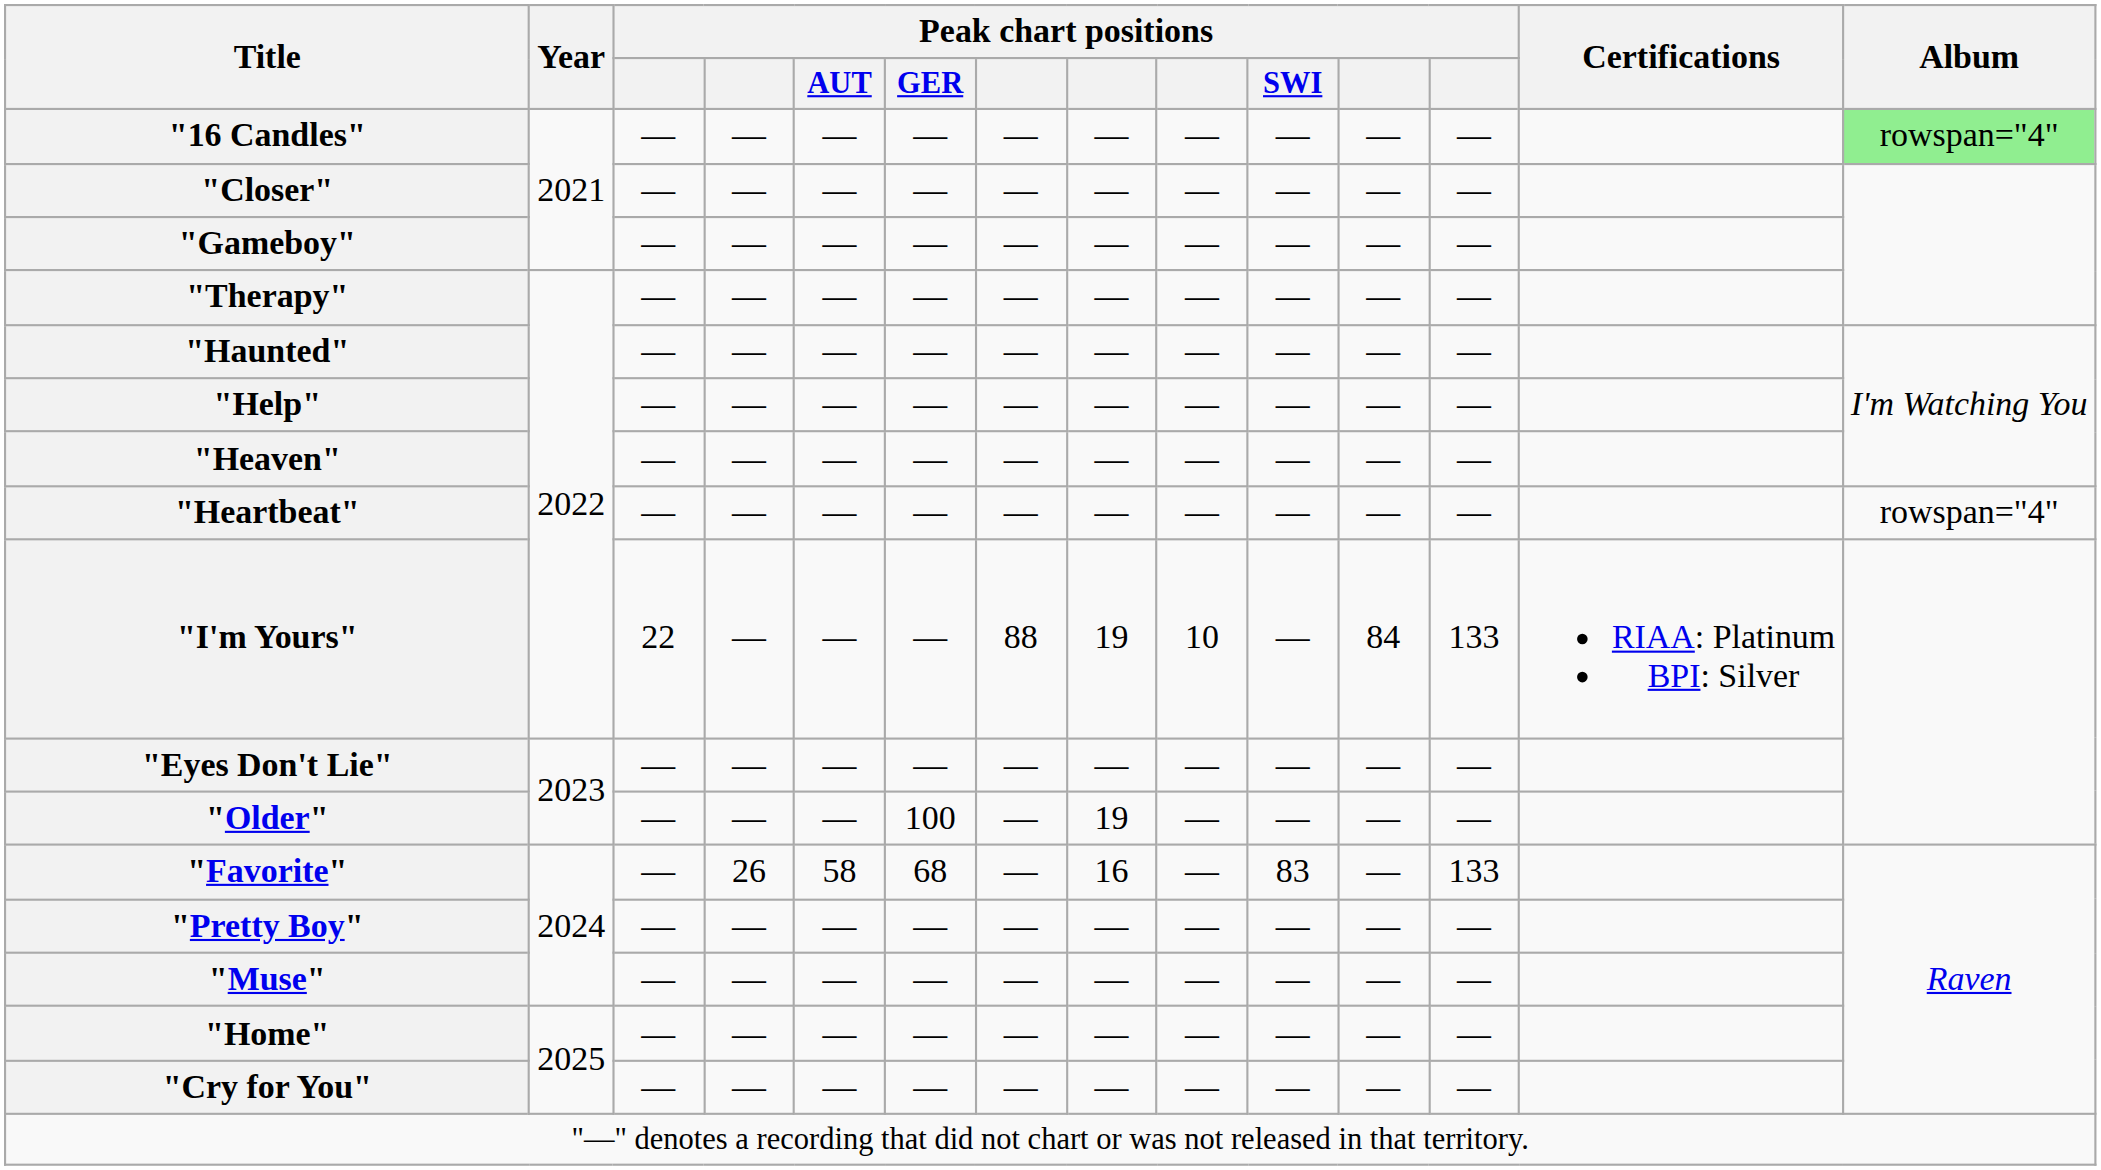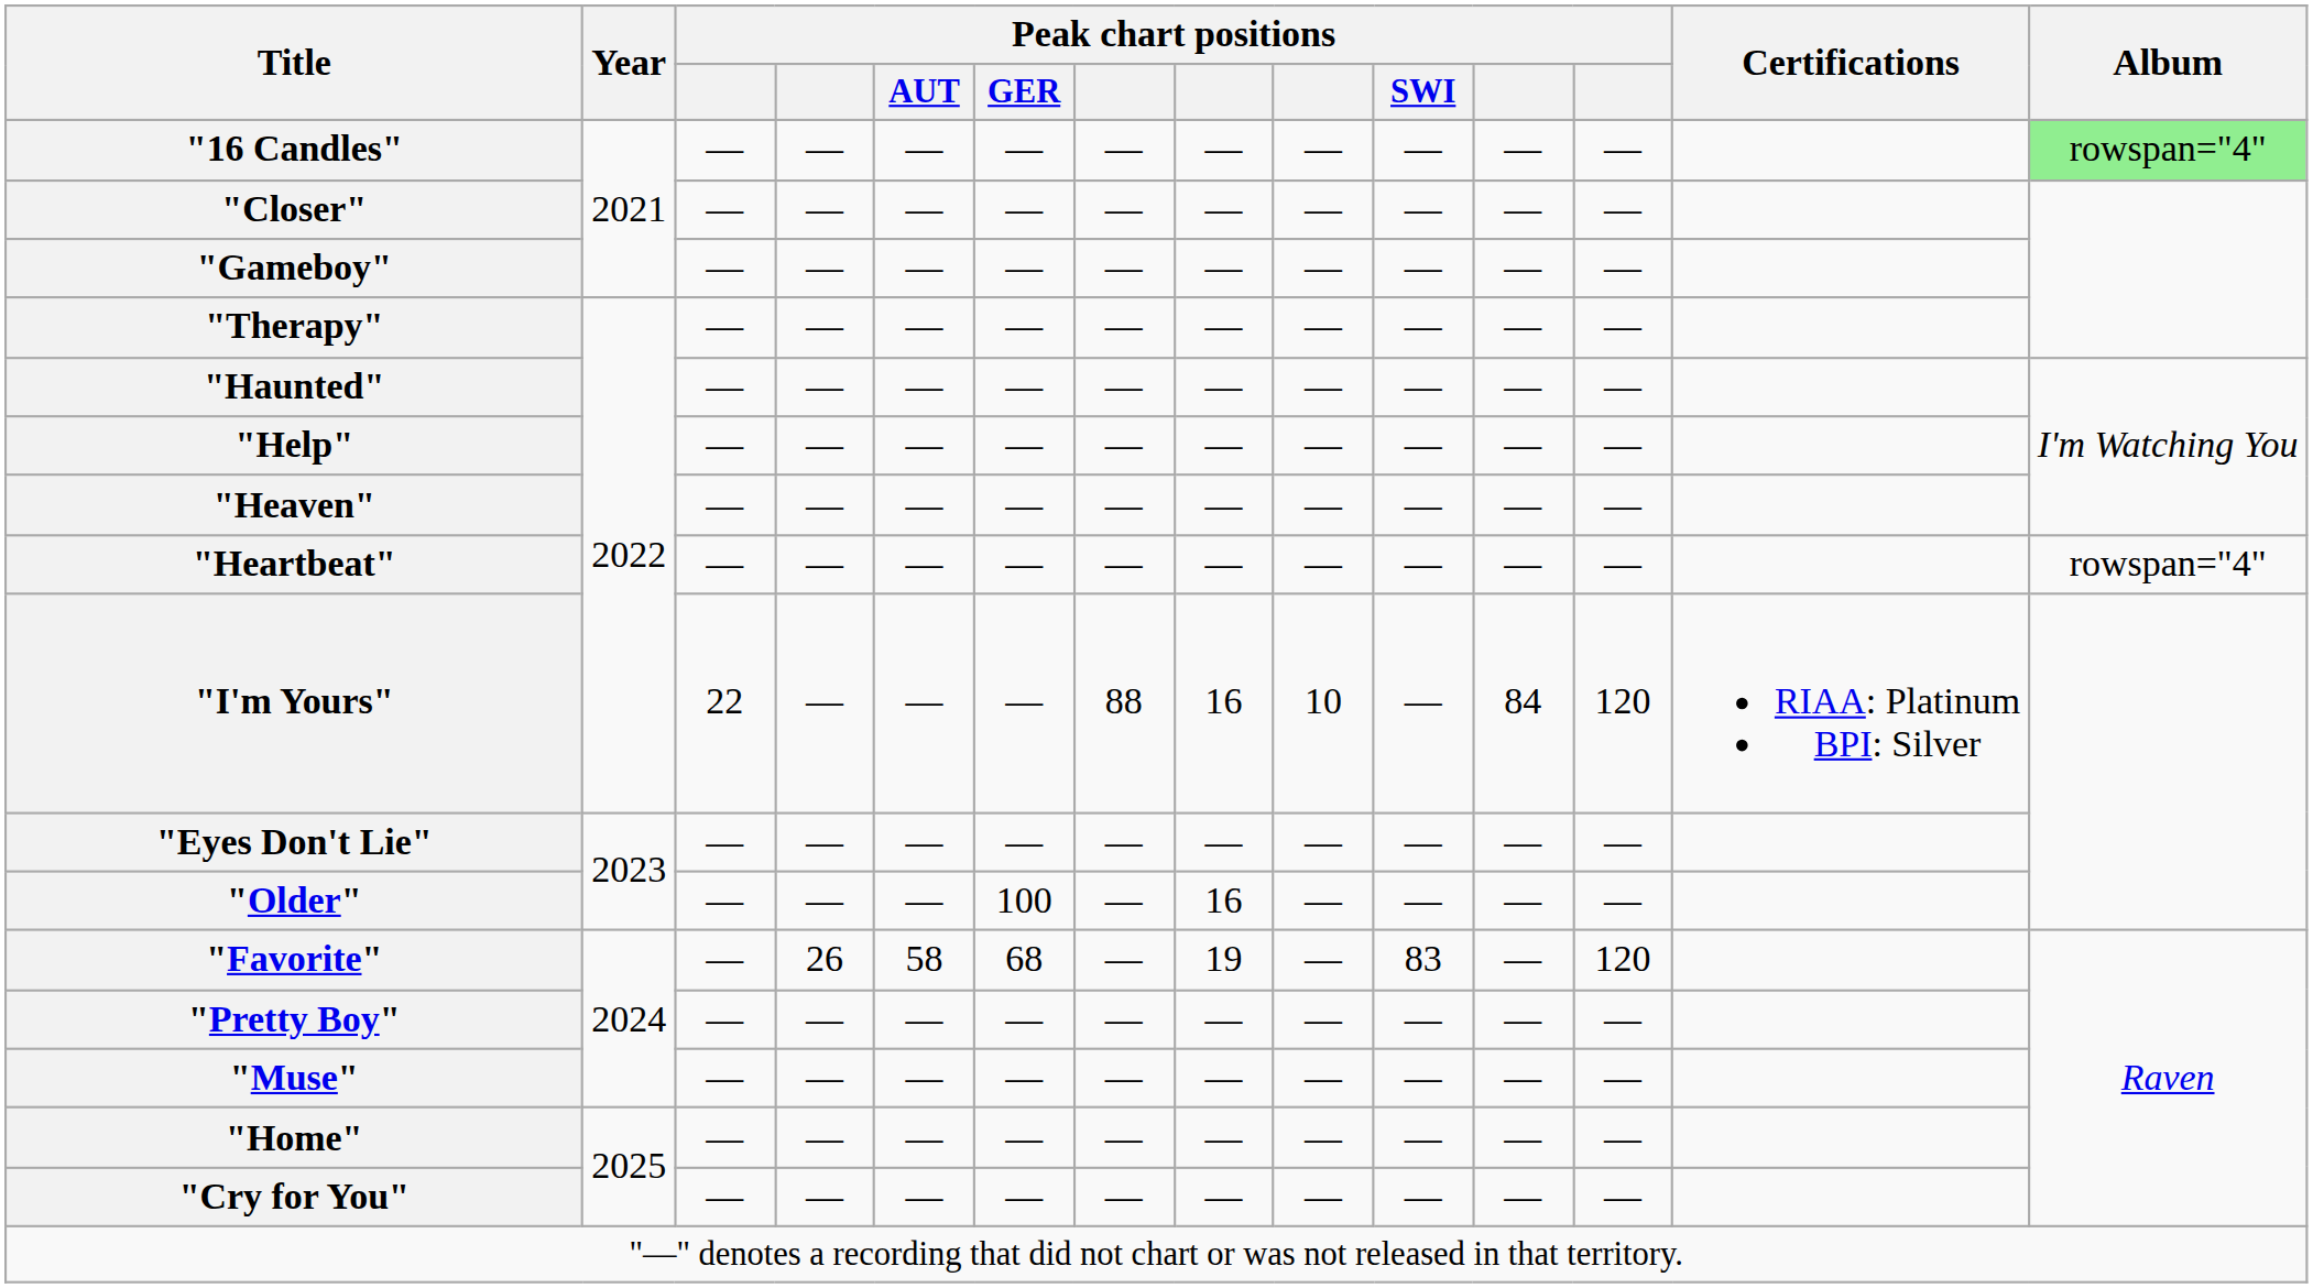 <table class="wikitable plainrowheaders" style="text-align:center;">
 <tr>
 <th scope="col" rowspan="2" style="width:15em;">Title</th>
 <th scope="col" rowspan="2">Year</th>
 <th scope="col" colspan="10">Peak chart positions</th>
 <th scope="col" rowspan="2">Certifications</th>
 <th scope="col" rowspan="2">Album</th>
 </tr>
 <tr>
 <th scope="col" style="width:2.5em;font-size:90%;"><a href='#'></a><br></th>
 <th scope="col" style="width:2.5em;font-size:90%;"><a href='#'></a><br></th>
 <th scope="col" style="width:2.5em;font-size:90%;"><a href='#'>AUT</a><br></th>
 <th scope="col" style="width:2.5em;font-size:90%;"><a href='#'>GER</a><br></th>
 <th scope="col" style="width:2.5em;font-size:90%;"><a href='#'></a><br></th>
 <th scope="col" style="width:2.5em;font-size:90%;"><a href='#'></a><br></th>
 <th scope="col" style="width:2.5em;font-size:90%;"><a href='#'></a><br></th>
 <th scope="col" style="width:2.5em;font-size:90%;"><a href='#'>SWI</a><br></th>
 <th scope="col" style="width:2.5em;font-size:90%;"><a href='#'></a><br></th>
 <th scope="col" style="width:2.5em;font-size:90%;"><a href='#'></a><br></th>
 </tr>
 <tr>
 <th scope="row">"16 Candles"</th>
 <td rowspan="3">2021</td>
 <td>—</td>
 <td>—</td>
 <td>—</td>
 <td>—</td>
 <td>—</td>
 <td>—</td>
 <td>—</td>
 <td>—</td>
 <td>—</td>
 <td>—</td>
 <td></td>
 <td style="background: lightgreen;">rowspan="4" </td>
 </tr>
 <tr>
 <th scope="row">"Closer"</th>
 <td>—</td>
 <td>—</td>
 <td>—</td>
 <td>—</td>
 <td>—</td>
 <td>—</td>
 <td>—</td>
 <td>—</td>
 <td>—</td>
 <td>—</td>
 <td></td>
 </tr>
 <tr>
 <th scope="row">"Gameboy"</th>
 <td>—</td>
 <td>—</td>
 <td>—</td>
 <td>—</td>
 <td>—</td>
 <td>—</td>
 <td>—</td>
 <td>—</td>
 <td>—</td>
 <td>—</td>
 <td></td>
 </tr>
 <tr>
 <th scope="row">"Therapy"</th>
 <td rowspan="6">2022</td>
 <td>—</td>
 <td>—</td>
 <td>—</td>
 <td>—</td>
 <td>—</td>
 <td>—</td>
 <td>—</td>
 <td>—</td>
 <td>—</td>
 <td>—</td>
 <td></td>
 </tr>
 <tr>
 <th scope="row">"Haunted"</th>
 <td>—</td>
 <td>—</td>
 <td>—</td>
 <td>—</td>
 <td>—</td>
 <td>—</td>
 <td>—</td>
 <td>—</td>
 <td>—</td>
 <td>—</td>
 <td></td>
 <td rowspan="3"><em>I'm Watching You</em></td>
 </tr>
 <tr>
 <th scope="row">"Help"</th>
 <td>—</td>
 <td>—</td>
 <td>—</td>
 <td>—</td>
 <td>—</td>
 <td>—</td>
 <td>—</td>
 <td>—</td>
 <td>—</td>
 <td>—</td>
 <td></td>
 </tr>
 <tr>
 <th scope="row">"Heaven"</th>
 <td>—</td>
 <td>—</td>
 <td>—</td>
 <td>—</td>
 <td>—</td>
 <td>—</td>
 <td>—</td>
 <td>—</td>
 <td>—</td>
 <td>—</td>
 <td></td>
 </tr>
 <tr>
 <th scope="row">"Heartbeat"</th>
 <td>—</td>
 <td>—</td>
 <td>—</td>
 <td>—</td>
 <td>—</td>
 <td>—</td>
 <td>—</td>
 <td>—</td>
 <td>—</td>
 <td>—</td>
 <td></td>
 <td>rowspan="4" </td>
 </tr>
 <tr>
 <th scope="row">"I'm Yours"</th>
 <td>22</td>
 <td>—</td>
 <td>—</td>
 <td>—</td>
 <td>88</td>
-<td>19</td>
+<td>16</td>
 <td>10</td>
 <td>—</td>
 <td>84</td>
-<td>133</td>
+<td>120</td>
 <td><br><ul><li><a href='#'>RIAA</a>: Platinum</li><li><a href='#'>BPI</a>: Silver</li></ul></td>
 </tr>
 <tr>
 <th scope="row">"Eyes Don't Lie"</th>
 <td rowspan="2">2023</td>
 <td>—</td>
 <td>—</td>
 <td>—</td>
 <td>—</td>
 <td>—</td>
 <td>—</td>
 <td>—</td>
 <td>—</td>
 <td>—</td>
 <td>—</td>
 <td></td>
 </tr>
 <tr>
 <th scope="row">"<a href='#'>Older</a>"</th>
 <td>—</td>
 <td>—</td>
 <td>—</td>
 <td>100</td>
 <td>—</td>
-<td>19</td>
+<td>16</td>
 <td>—</td>
 <td>—</td>
 <td>—</td>
 <td>—</td>
 <td></td>
 </tr>
 <tr>
 <th scope="row">"<a href='#'>Favorite</a>"</th>
 <td rowspan="3">2024</td>
 <td>—</td>
 <td>26</td>
 <td>58</td>
 <td>68</td>
 <td>—</td>
-<td>16</td>
+<td>19</td>
 <td>—</td>
 <td>83</td>
 <td>—</td>
-<td>133</td>
+<td>120</td>
 <td></td>
 <td rowspan="5"><em><a href='#'>Raven</a></em></td>
 </tr>
 <tr>
 <th scope="row">"<a href='#'>Pretty Boy</a>"</th>
 <td>—</td>
 <td>—</td>
 <td>—</td>
 <td>—</td>
 <td>—</td>
 <td>—</td>
 <td>—</td>
 <td>—</td>
 <td>—</td>
 <td>—</td>
 <td></td>
 </tr>
 <tr>
 <th scope="row">"<a href='#'>Muse</a>"</th>
 <td>—</td>
 <td>—</td>
 <td>—</td>
 <td>—</td>
 <td>—</td>
 <td>—</td>
 <td>—</td>
 <td>—</td>
 <td>—</td>
 <td>—</td>
 <td></td>
 </tr>
 <tr>
 <th scope="row">"Home"</th>
 <td rowspan="2">2025</td>
 <td>—</td>
 <td>—</td>
 <td>—</td>
 <td>—</td>
 <td>—</td>
 <td>—</td>
 <td>—</td>
 <td>—</td>
 <td>—</td>
 <td>—</td>
 <td></td>
 </tr>
 <tr>
 <th scope="row">"Cry for You"</th>
 <td>—</td>
 <td>—</td>
 <td>—</td>
 <td>—</td>
 <td>—</td>
 <td>—</td>
 <td>—</td>
 <td>—</td>
 <td>—</td>
 <td>—</td>
 <td></td>
 </tr>
 <tr>
 <td colspan="14" style="font-size:90%">"—" denotes a recording that did not chart or was not released in that territory.</td>
 </tr>
 </table>
